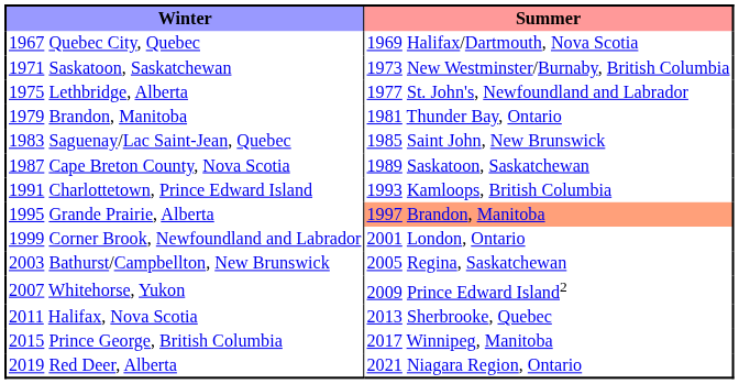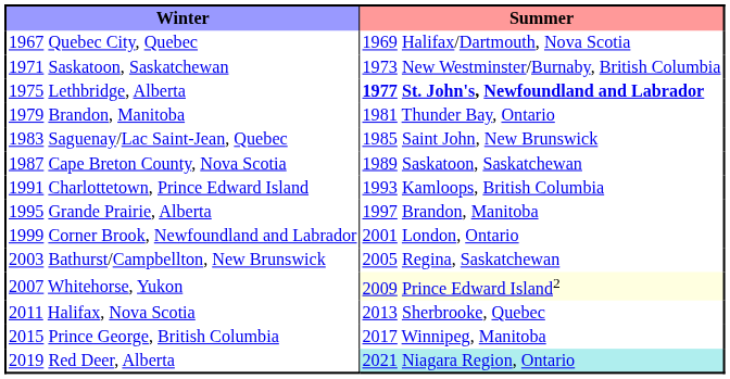 <table style="border: 2px solid;" rules="cols" cellpadding="2">
 <tr>
 <th align=center bgcolor="#9999FF">Winter</th>
 <th align=center bgcolor="#FF9999">Summer</th>
 </tr>
 <tr>
 <td><a href='#'>1967</a> <a href='#'>Quebec City</a>, <a href='#'>Quebec</a></td>
 <td><a href='#'>1969</a> <a href='#'>Halifax</a>/<a href='#'>Dartmouth</a>, <a href='#'>Nova Scotia</a></td>
 </tr>
 <tr>
 <td><a href='#'>1971</a> <a href='#'>Saskatoon</a>, <a href='#'>Saskatchewan</a></td>
 <td><a href='#'>1973</a> <a href='#'>New Westminster</a>/<a href='#'>Burnaby</a>, <a href='#'>British Columbia</a></td>
 </tr>
 <tr>
 <td><a href='#'>1975</a> <a href='#'>Lethbridge</a>, <a href='#'>Alberta</a></td>
-<td><a href='#'>1977</a> <a href='#'>St. John's</a>, <a href='#'>Newfoundland and Labrador</a></td>
+<td><strong><a href='#'>1977</a> <a href='#'>St. John's</a>, <a href='#'>Newfoundland and Labrador</a></strong></td>
 </tr>
 <tr>
 <td><a href='#'>1979</a> <a href='#'>Brandon</a>, <a href='#'>Manitoba</a></td>
 <td><a href='#'>1981</a> <a href='#'>Thunder Bay</a>, <a href='#'>Ontario</a></td>
 </tr>
 <tr>
 <td><a href='#'>1983</a> <a href='#'>Saguenay</a>/<a href='#'>Lac Saint-Jean</a>, <a href='#'>Quebec</a></td>
 <td><a href='#'>1985</a> <a href='#'>Saint John</a>, <a href='#'>New Brunswick</a></td>
 </tr>
 <tr>
 <td><a href='#'>1987</a> <a href='#'>Cape Breton County</a>, <a href='#'>Nova Scotia</a></td>
 <td><a href='#'>1989</a> <a href='#'>Saskatoon</a>, <a href='#'>Saskatchewan</a></td>
 </tr>
 <tr>
 <td><a href='#'>1991</a> <a href='#'>Charlottetown</a>, <a href='#'>Prince Edward Island</a></td>
 <td><a href='#'>1993</a> <a href='#'>Kamloops</a>, <a href='#'>British Columbia</a></td>
 </tr>
 <tr>
 <td><a href='#'>1995</a> <a href='#'>Grande Prairie</a>, <a href='#'>Alberta</a></td>
-<td style="background: lightsalmon;"><a href='#'>1997</a> <a href='#'>Brandon</a>, <a href='#'>Manitoba</a></td>
+<td><a href='#'>1997</a> <a href='#'>Brandon</a>, <a href='#'>Manitoba</a></td>
 </tr>
 <tr>
 <td><a href='#'>1999</a> <a href='#'>Corner Brook</a>, <a href='#'>Newfoundland and Labrador</a></td>
 <td><a href='#'>2001</a> <a href='#'>London</a>, <a href='#'>Ontario</a></td>
 </tr>
 <tr>
 <td><a href='#'>2003</a> <a href='#'>Bathurst</a>/<a href='#'>Campbellton</a>, <a href='#'>New Brunswick</a></td>
 <td><a href='#'>2005</a> <a href='#'>Regina</a>, <a href='#'>Saskatchewan</a></td>
 </tr>
 <tr>
 <td><a href='#'>2007</a> <a href='#'>Whitehorse</a>, <a href='#'>Yukon</a></td>
-<td><a href='#'>2009</a> <a href='#'>Prince Edward Island</a><sup>2</sup></td>
+<td style="background: lightyellow;"><a href='#'>2009</a> <a href='#'>Prince Edward Island</a><sup>2</sup></td>
 </tr>
 <tr>
 <td><a href='#'>2011</a> <a href='#'>Halifax</a>, <a href='#'>Nova Scotia</a></td>
 <td><a href='#'>2013</a> <a href='#'>Sherbrooke</a>, <a href='#'>Quebec</a></td>
 </tr>
 <tr>
 <td><a href='#'>2015</a> <a href='#'>Prince George</a>, <a href='#'>British Columbia</a></td>
 <td><a href='#'>2017</a> <a href='#'>Winnipeg</a>, <a href='#'>Manitoba</a></td>
 </tr>
 <tr>
 <td><a href='#'>2019</a> <a href='#'>Red Deer</a>, <a href='#'>Alberta</a></td>
-<td><a href='#'>2021</a> <a href='#'>Niagara Region</a>, <a href='#'>Ontario</a></td>
+<td style="background: paleturquoise;"><a href='#'>2021</a> <a href='#'>Niagara Region</a>, <a href='#'>Ontario</a></td>
 </tr>
 <tr>
 </tr>
 </table>
